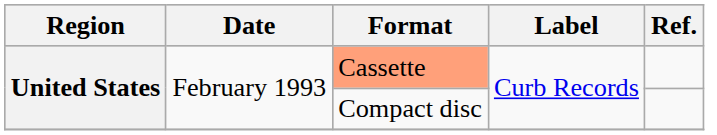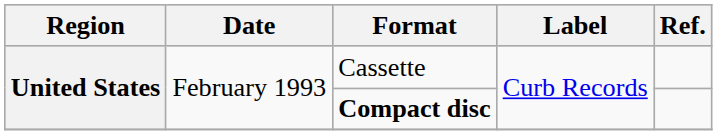 <table class="wikitable plainrowheaders">
 <tr>
 <th scope="col">Region</th>
 <th scope="col">Date</th>
 <th scope="col">Format</th>
 <th scope="col">Label</th>
 <th scope="col">Ref.</th>
 </tr>
 <tr>
 <th scope="row" rowspan="2">United States</th>
 <td rowspan="2">February 1993</td>
-<td style="background: lightsalmon;">Cassette</td>
+<td>Cassette</td>
 <td rowspan="2"><a href='#'>Curb Records</a></td>
 <td></td>
 </tr>
 <tr>
-<td>Compact disc</td>
+<td><strong>Compact disc</strong></td>
 <td></td>
 </tr>
 <tr>
 </tr>
 </table>
